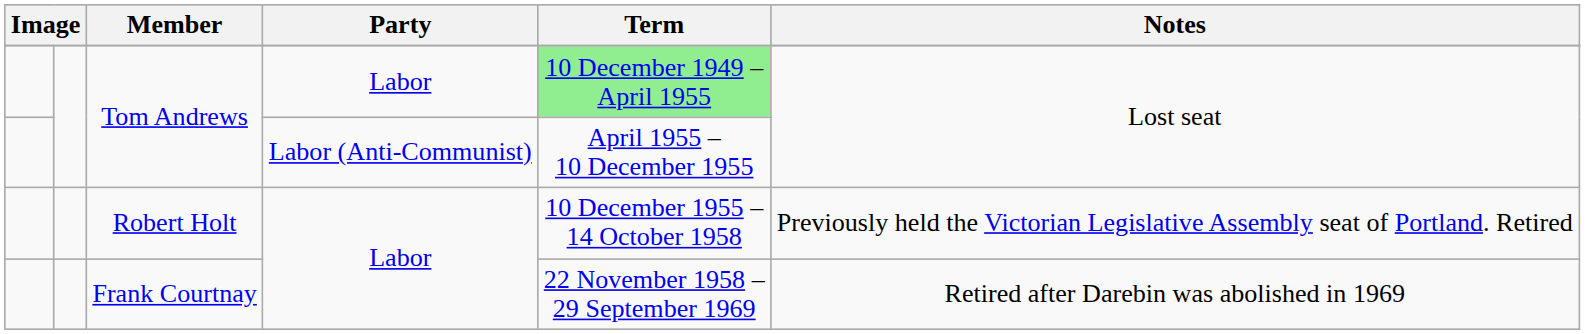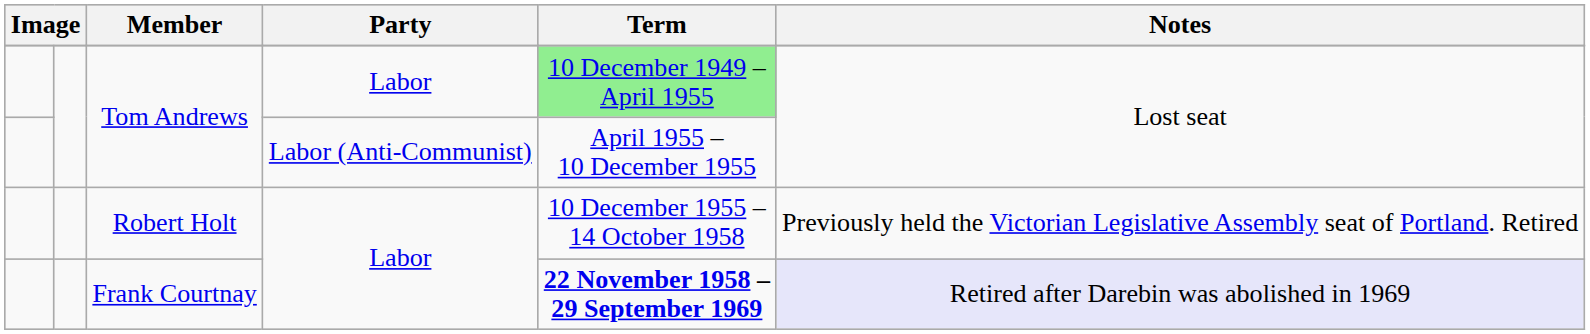 <table class=wikitable style="text-align:center">
 <tr>
 <th colspan=2>Image</th>
 <th>Member</th>
 <th>Party</th>
 <th>Term</th>
 <th>Notes</th>
 </tr>
 <tr>
 </tr>
 <tr>
 <td> </td>
 <td rowspan=2></td>
 <td rowspan=2><a href='#'>Tom Andrews</a><br></td>
 <td><a href='#'>Labor</a></td>
 <td nowrap style="background: lightgreen;"><a href='#'>10 December 1949</a> –<br><a href='#'>April 1955</a></td>
 <td rowspan=2>Lost seat</td>
 </tr>
 <tr>
 <td> </td>
 <td><a href='#'>Labor (Anti-Communist)</a></td>
 <td nowrap><a href='#'>April 1955</a> –<br><a href='#'>10 December 1955</a></td>
 </tr>
 <tr>
 <td> </td>
 <td></td>
 <td><a href='#'>Robert Holt</a><br></td>
 <td rowspan="2"><a href='#'>Labor</a></td>
 <td nowrap><a href='#'>10 December 1955</a> –<br><a href='#'>14 October 1958</a></td>
 <td>Previously held the <a href='#'>Victorian Legislative Assembly</a> seat of <a href='#'>Portland</a>. Retired</td>
 </tr>
 <tr>
 <td> </td>
 <td></td>
 <td><a href='#'>Frank Courtnay</a><br></td>
-<td nowrap><a href='#'>22 November 1958</a> –<br><a href='#'>29 September 1969</a></td>
-<td>Retired after Darebin was abolished in 1969</td>
+<td nowrap><strong><a href='#'>22 November 1958</a> –<br><a href='#'>29 September 1969</a></strong></td>
+<td style="background: lavender;">Retired after Darebin was abolished in 1969</td>
 </tr>
 </table>
